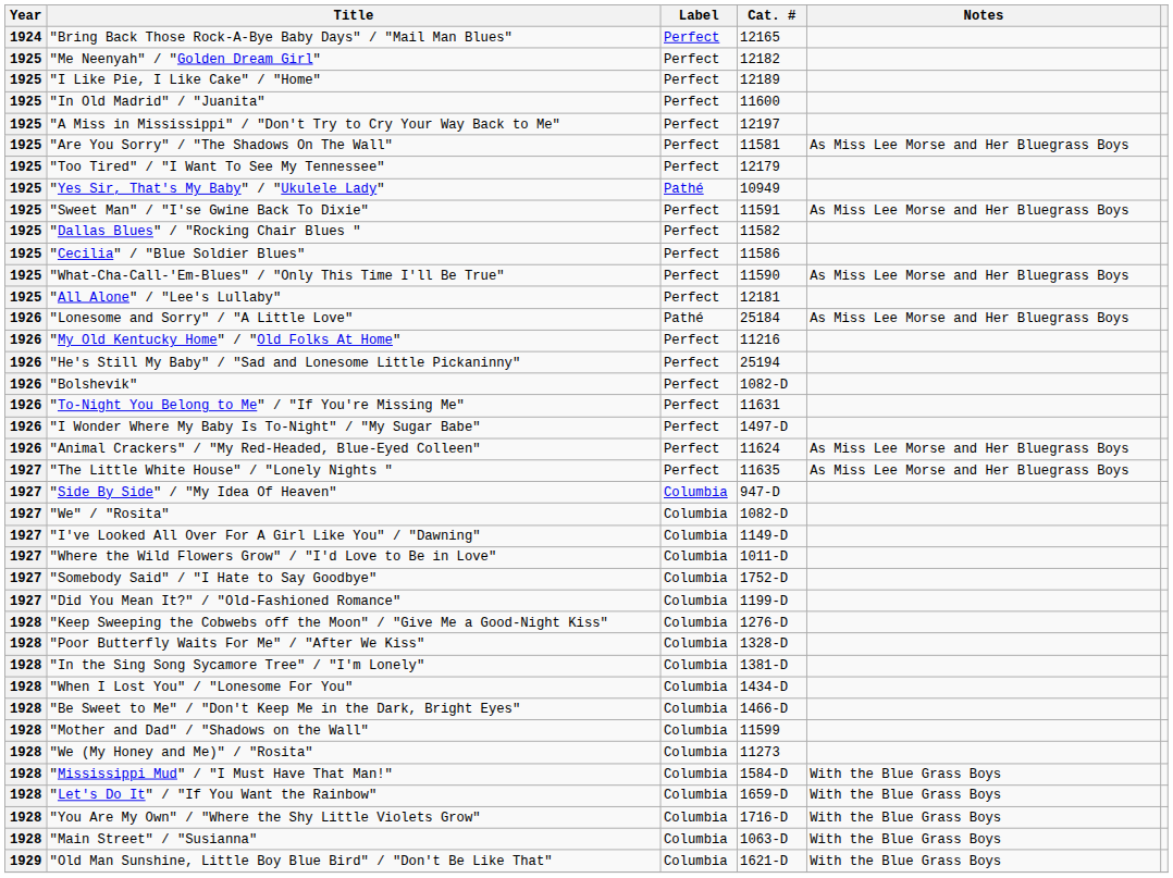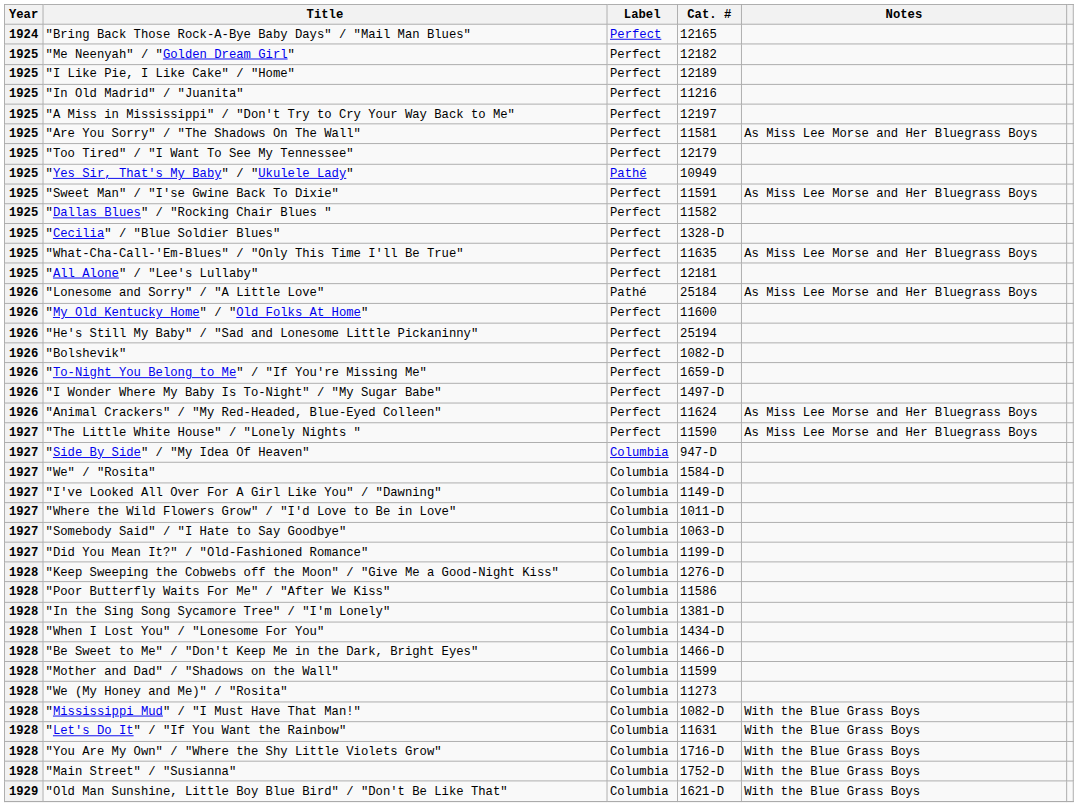 <table class="wikitable plainrowheaders sortable" style="margin-right: 0; width:90%">
 <tr>
 <th scope="col">Year</th>
 <th scope="col">Title </th>
 <th scope="col">Label</th>
 <th scope="col" class="unsortable" width="6%">Cat. #</th>
 <th scope="col" class="unsortable">Notes</th>
 <th scope="col" class="unsortable"></th>
 </tr>
 <tr>
 <th scope="row">1924</th>
 <td>"Bring Back Those Rock-A-Bye Baby Days" / "Mail Man Blues"</td>
 <td><a href='#'>Perfect</a></td>
 <td>12165</td>
 <td></td>
 <td style="text-align:center;"></td>
 </tr>
 <tr>
 <th scope="row">1925</th>
 <td>"Me Neenyah" / "<a href='#'>Golden Dream Girl</a>"</td>
 <td>Perfect</td>
 <td>12182</td>
 <td></td>
 <td style="text-align:center;"></td>
 </tr>
 <tr>
 <th scope="row">1925</th>
 <td>"I Like Pie, I Like Cake" / "Home"</td>
 <td>Perfect</td>
 <td>12189</td>
 <td></td>
 <td style="text-align:center;"></td>
 </tr>
 <tr>
 <th scope="row">1925</th>
 <td>"In Old Madrid" / "Juanita"</td>
 <td>Perfect</td>
-<td>11600</td>
+<td>11216</td>
 <td></td>
 <td style="text-align:center;"></td>
 </tr>
 <tr>
 <th scope="row">1925</th>
 <td>"A Miss in Mississippi" / "Don't Try to Cry Your Way Back to Me"</td>
 <td>Perfect</td>
 <td>12197</td>
 <td></td>
 <td style="text-align:center;"></td>
 </tr>
 <tr>
 <th scope="row">1925</th>
 <td>"Are You Sorry" / "The Shadows On The Wall"</td>
 <td>Perfect</td>
 <td>11581</td>
 <td>As Miss Lee Morse and Her Bluegrass Boys</td>
 <td style="text-align:center;"></td>
 </tr>
 <tr>
 <th scope="row">1925</th>
 <td>"Too Tired" / "I Want To See My Tennessee"</td>
 <td>Perfect</td>
 <td>12179</td>
 <td></td>
 <td style="text-align:center;"></td>
 </tr>
 <tr>
 <th scope="row">1925</th>
 <td>"<a href='#'>Yes Sir, That's My Baby</a>" / "<a href='#'>Ukulele Lady</a>"</td>
 <td><a href='#'>Pathé</a></td>
 <td>10949</td>
 <td></td>
 <td style="text-align:center;"></td>
 </tr>
 <tr>
 <th scope="row">1925</th>
 <td>"Sweet Man" / "I'se Gwine Back To Dixie"</td>
 <td>Perfect</td>
 <td>11591</td>
 <td>As Miss Lee Morse and Her Bluegrass Boys</td>
 <td style="text-align:center;"></td>
 </tr>
 <tr>
 <th scope="row">1925</th>
 <td>"<a href='#'>Dallas Blues</a>" / "Rocking Chair Blues "</td>
 <td>Perfect</td>
 <td>11582</td>
 <td></td>
 <td style="text-align:center;"></td>
 </tr>
 <tr>
 <th scope="row">1925</th>
 <td>"<a href='#'>Cecilia</a>" / "Blue Soldier Blues"</td>
 <td>Perfect</td>
-<td>11586</td>
+<td>1328-D</td>
 <td></td>
 <td style="text-align:center;"></td>
 </tr>
 <tr>
 <th scope="row">1925</th>
 <td>"What-Cha-Call-'Em-Blues" / "Only This Time I'll Be True"</td>
 <td>Perfect</td>
-<td>11590</td>
+<td>11635</td>
 <td>As Miss Lee Morse and Her Bluegrass Boys</td>
 <td style="text-align:center;"></td>
 </tr>
 <tr>
 <th scope="row">1925</th>
 <td>"<a href='#'>All Alone</a>" / "Lee's Lullaby"</td>
 <td>Perfect</td>
 <td>12181</td>
 <td></td>
 <td style="text-align:center;"></td>
 </tr>
 <tr>
 <th scope="row">1926</th>
 <td>"Lonesome and Sorry" / "A Little Love"</td>
 <td>Pathé</td>
 <td>25184</td>
 <td>As Miss Lee Morse and Her Bluegrass Boys</td>
 <td style="text-align:center;"></td>
 </tr>
 <tr>
 <th scope="row">1926</th>
 <td>"<a href='#'>My Old Kentucky Home</a>" / "<a href='#'>Old Folks At Home</a>"</td>
 <td>Perfect</td>
-<td>11216</td>
+<td>11600</td>
 <td></td>
 <td style="text-align:center;"></td>
 </tr>
 <tr>
 <th scope="row">1926</th>
 <td>"He's Still My Baby" / "Sad and Lonesome Little Pickaninny"</td>
 <td>Perfect</td>
 <td>25194</td>
 <td></td>
 <td style="text-align:center;"></td>
 </tr>
 <tr>
 <th scope="row">1926</th>
 <td>"Bolshevik"</td>
 <td>Perfect</td>
 <td>1082-D</td>
 <td></td>
 <td style="text-align:center;"></td>
 </tr>
 <tr>
 <th scope="row">1926</th>
 <td>"<a href='#'>To-Night You Belong to Me</a>" / "If You're Missing Me"</td>
 <td>Perfect</td>
-<td>11631</td>
+<td>1659-D</td>
 <td></td>
 <td style="text-align:center;"></td>
 </tr>
 <tr>
 <th scope="row">1926</th>
 <td>"I Wonder Where My Baby Is To-Night" / "My Sugar Babe"</td>
 <td>Perfect</td>
 <td>1497-D</td>
 <td></td>
 <td style="text-align:center;"></td>
 </tr>
 <tr>
 <th scope="row">1926</th>
 <td>"Animal Crackers" / "My Red-Headed, Blue-Eyed Colleen"</td>
 <td>Perfect</td>
 <td>11624</td>
 <td>As Miss Lee Morse and Her Bluegrass Boys</td>
 <td style="text-align:center;"></td>
 </tr>
 <tr>
 <th scope="row">1927</th>
 <td>"The Little White House" / "Lonely Nights "</td>
 <td>Perfect</td>
-<td>11635</td>
+<td>11590</td>
 <td>As Miss Lee Morse and Her Bluegrass Boys</td>
 <td style="text-align:center;"></td>
 </tr>
 <tr>
 <th scope="row">1927</th>
 <td>"<a href='#'>Side By Side</a>" / "My Idea Of Heaven"</td>
 <td><a href='#'>Columbia</a></td>
 <td>947-D</td>
 <td></td>
 <td style="text-align:center;"></td>
 </tr>
 <tr>
 <th scope="row">1927</th>
 <td>"We" / "Rosita"</td>
 <td>Columbia</td>
-<td>1082-D</td>
+<td>1584-D</td>
 <td></td>
 <td style="text-align:center;"></td>
 </tr>
 <tr>
 <th scope="row">1927</th>
 <td>"I've Looked All Over For A Girl Like You" / "Dawning"</td>
 <td>Columbia</td>
 <td>1149-D</td>
 <td></td>
 <td style="text-align:center;"></td>
 </tr>
 <tr>
 <th scope="row">1927</th>
 <td>"Where the Wild Flowers Grow" / "I'd Love to Be in Love"</td>
 <td>Columbia</td>
 <td>1011-D</td>
 <td></td>
 <td style="text-align:center;"></td>
 </tr>
 <tr>
 <th scope="row">1927</th>
 <td>"Somebody Said" / "I Hate to Say Goodbye"</td>
 <td>Columbia</td>
-<td>1752-D</td>
+<td>1063-D</td>
 <td></td>
 <td style="text-align:center;"></td>
 </tr>
 <tr>
 <th scope="row">1927</th>
 <td>"Did You Mean It?" / "Old-Fashioned Romance"</td>
 <td>Columbia</td>
 <td>1199-D</td>
 <td></td>
 <td style="text-align:center;"></td>
 </tr>
 <tr>
 <th scope="row">1928</th>
 <td>"Keep Sweeping the Cobwebs off the Moon" / "Give Me a Good-Night Kiss"</td>
 <td>Columbia</td>
 <td>1276-D</td>
 <td></td>
 <td style="text-align:center;"></td>
 </tr>
 <tr>
 <th scope="row">1928</th>
 <td>"Poor Butterfly Waits For Me" / "After We Kiss"</td>
 <td>Columbia</td>
-<td>1328-D</td>
+<td>11586</td>
 <td></td>
 <td style="text-align:center;"></td>
 </tr>
 <tr>
 <th scope="row">1928</th>
 <td>"In the Sing Song Sycamore Tree" / "I'm Lonely"</td>
 <td>Columbia</td>
 <td>1381-D</td>
 <td></td>
 <td style="text-align:center;"></td>
 </tr>
 <tr>
 <th scope="row">1928</th>
 <td>"When I Lost You" / "Lonesome For You"</td>
 <td>Columbia</td>
 <td>1434-D</td>
 <td></td>
 <td style="text-align:center;"></td>
 </tr>
 <tr>
 <th scope="row">1928</th>
 <td>"Be Sweet to Me" / "Don't Keep Me in the Dark, Bright Eyes"</td>
 <td>Columbia</td>
 <td>1466-D</td>
 <td></td>
 <td style="text-align:center;"></td>
 </tr>
 <tr>
 <th scope="row">1928</th>
 <td>"Mother and Dad" / "Shadows on the Wall"</td>
 <td>Columbia</td>
 <td>11599</td>
 <td></td>
 <td style="text-align:center;"></td>
 </tr>
 <tr>
 <th scope="row">1928</th>
 <td>"We (My Honey and Me)" / "Rosita"</td>
 <td>Columbia</td>
 <td>11273</td>
 <td></td>
 <td style="text-align:center;"></td>
 </tr>
 <tr>
 <th scope="row">1928</th>
 <td>"<a href='#'>Mississippi Mud</a>" / "I Must Have That Man!"</td>
 <td>Columbia</td>
-<td>1584-D</td>
+<td>1082-D</td>
 <td>With the Blue Grass Boys</td>
 <td style="text-align:center;"></td>
 </tr>
 <tr>
 <th scope="row">1928</th>
 <td>"<a href='#'>Let's Do It</a>" / "If You Want the Rainbow"</td>
 <td>Columbia</td>
-<td>1659-D</td>
+<td>11631</td>
 <td>With the Blue Grass Boys</td>
 <td style="text-align:center;"></td>
 </tr>
 <tr>
 <th scope="row">1928</th>
 <td>"You Are My Own" / "Where the Shy Little Violets Grow"</td>
 <td>Columbia</td>
 <td>1716-D</td>
 <td>With the Blue Grass Boys</td>
 <td style="text-align:center;"></td>
 </tr>
 <tr>
 <th scope="row">1928</th>
 <td>"Main Street" / "Susianna"</td>
 <td>Columbia</td>
-<td>1063-D</td>
+<td>1752-D</td>
 <td>With the Blue Grass Boys</td>
 <td style="text-align:center;"></td>
 </tr>
 <tr>
 <th scope="row">1929</th>
 <td>"Old Man Sunshine, Little Boy Blue Bird" / "Don't Be Like That"</td>
 <td>Columbia</td>
 <td>1621-D</td>
 <td>With the Blue Grass Boys</td>
 <td style="text-align:center;"></td>
 </tr>
 <tr>
 </tr>
 </table>
